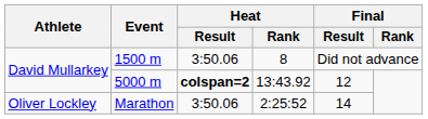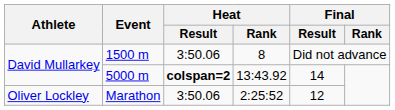 <table class="wikitable" style="font-size:90%; text-align:center">
 <tr>
 <th rowspan=2>Athlete</th>
 <th rowspan=2>Event</th>
 <th colspan=2>Heat</th>
 <th colspan=2>Final</th>
 </tr>
 <tr style="font-size:95%">
 <th>Result</th>
 <th>Rank</th>
 <th>Result</th>
 <th>Rank</th>
 </tr>
 <tr>
 <td align=left rowspan=2><a href='#'>David Mullarkey</a></td>
 <td align=left rowspan=1><a href='#'>1500 m</a></td>
 <td>3:50.06</td>
 <td>8</td>
 <td colspan=2>Did not advance</td>
 </tr>
 <tr>
 <td align=left rowspan=1><a href='#'>5000 m</a></td>
 <td><strong>colspan=2 </strong></td>
 <td>13:43.92</td>
-<td>12</td>
+<td>14</td>
 </tr>
 <tr>
 <td align=left><a href='#'>Oliver Lockley</a></td>
 <td align=left rowspan=1><a href='#'>Marathon</a></td>
 <td>3:50.06</td>
 <td>2:25:52</td>
-<td>14</td>
+<td>12</td>
 </tr>
 </table>
